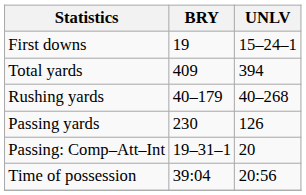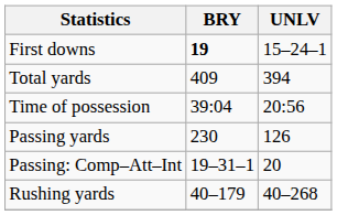 <table class="wikitable" style="float: left;">
 <tr>
 <th>Statistics</th>
 <th>BRY</th>
 <th>UNLV</th>
 </tr>
 <tr>
 <td>First downs</td>
-<td>19</td>
+<td><strong>19</strong></td>
 <td>15–24–1</td>
 </tr>
 <tr>
 <td>Total yards</td>
 <td>409</td>
 <td>394</td>
 </tr>
 <tr>
-<td>Rushing yards</td>
-<td>40–179</td>
-<td>40–268</td>
+<td>Time of possession</td>
+<td>39:04</td>
+<td>20:56</td>
 </tr>
 <tr>
 <td>Passing yards</td>
 <td>230</td>
 <td>126</td>
 </tr>
 <tr>
 <td>Passing: Comp–Att–Int</td>
 <td>19–31–1</td>
 <td>20</td>
 </tr>
 <tr>
-<td>Time of possession</td>
-<td>39:04</td>
-<td>20:56</td>
+<td>Rushing yards</td>
+<td>40–179</td>
+<td>40–268</td>
 </tr>
 <tr>
 </tr>
 </table>
